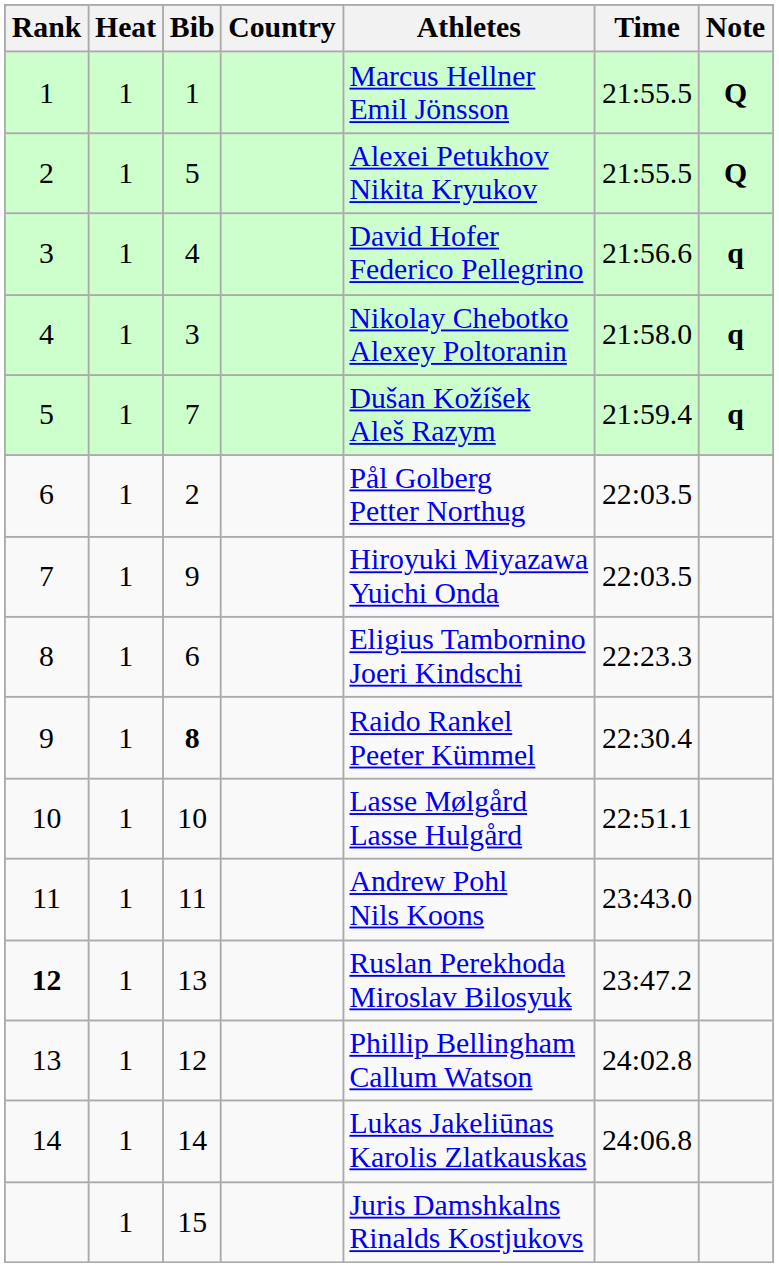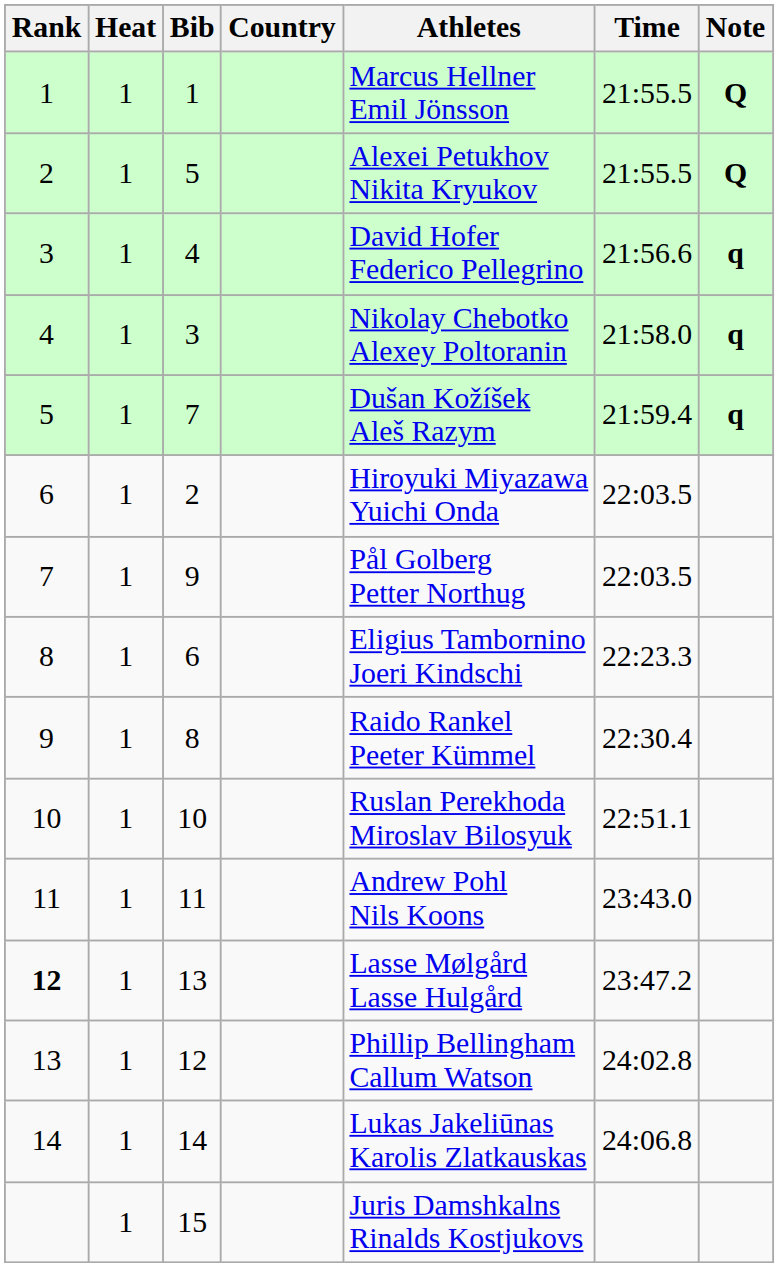 <table class="wikitable sortable" style="text-align:center">
 <tr>
 <th>Rank</th>
 <th>Heat</th>
 <th>Bib</th>
 <th>Country</th>
 <th>Athletes</th>
 <th>Time</th>
 <th>Note</th>
 </tr>
 <tr bgcolor=ccffcc>
 <td>1</td>
 <td>1</td>
 <td>1</td>
 <td align=left></td>
 <td align=left><a href='#'>Marcus Hellner</a><br><a href='#'>Emil Jönsson</a></td>
 <td>21:55.5</td>
 <td><strong>Q</strong></td>
 </tr>
 <tr bgcolor=ccffcc>
 <td>2</td>
 <td>1</td>
 <td>5</td>
 <td align=left></td>
 <td align=left><a href='#'>Alexei Petukhov</a><br><a href='#'>Nikita Kryukov</a></td>
 <td>21:55.5</td>
 <td><strong>Q</strong></td>
 </tr>
 <tr bgcolor=ccffcc>
 <td>3</td>
 <td>1</td>
 <td>4</td>
 <td align=left></td>
 <td align=left><a href='#'>David Hofer</a><br><a href='#'>Federico Pellegrino</a></td>
 <td>21:56.6</td>
 <td><strong>q</strong></td>
 </tr>
 <tr bgcolor=ccffcc>
 <td>4</td>
 <td>1</td>
 <td>3</td>
 <td align=left></td>
 <td align=left><a href='#'>Nikolay Chebotko</a><br><a href='#'>Alexey Poltoranin</a></td>
 <td>21:58.0</td>
 <td><strong>q</strong></td>
 </tr>
 <tr bgcolor=ccffcc>
 <td>5</td>
 <td>1</td>
 <td>7</td>
 <td align=left></td>
 <td align=left><a href='#'>Dušan Kožíšek</a><br><a href='#'>Aleš Razym</a></td>
 <td>21:59.4</td>
 <td><strong>q</strong></td>
 </tr>
 <tr>
 <td>6</td>
 <td>1</td>
 <td>2</td>
 <td align=left></td>
-<td align=left><a href='#'>Pål Golberg</a><br><a href='#'>Petter Northug</a></td>
+<td align=left><a href='#'>Hiroyuki Miyazawa</a><br><a href='#'>Yuichi Onda</a></td>
 <td>22:03.5</td>
 <td></td>
 </tr>
 <tr>
 <td>7</td>
 <td>1</td>
 <td>9</td>
 <td align=left></td>
-<td align=left><a href='#'>Hiroyuki Miyazawa</a><br><a href='#'>Yuichi Onda</a></td>
+<td align=left><a href='#'>Pål Golberg</a><br><a href='#'>Petter Northug</a></td>
 <td>22:03.5</td>
 <td></td>
 </tr>
 <tr>
 <td>8</td>
 <td>1</td>
 <td>6</td>
 <td align=left></td>
 <td align=left><a href='#'>Eligius Tambornino</a><br><a href='#'>Joeri Kindschi</a></td>
 <td>22:23.3</td>
 <td></td>
 </tr>
 <tr>
 <td>9</td>
 <td>1</td>
-<td><strong>8</strong></td>
+<td>8</td>
 <td align=left></td>
 <td align=left><a href='#'>Raido Rankel</a><br><a href='#'>Peeter Kümmel</a></td>
 <td>22:30.4</td>
 <td></td>
 </tr>
 <tr>
 <td>10</td>
 <td>1</td>
 <td>10</td>
 <td align=left></td>
-<td align=left><a href='#'>Lasse Mølgård</a><br><a href='#'>Lasse Hulgård</a></td>
+<td align=left><a href='#'>Ruslan Perekhoda</a><br><a href='#'>Miroslav Bilosyuk</a></td>
 <td>22:51.1</td>
 <td></td>
 </tr>
 <tr>
 <td>11</td>
 <td>1</td>
 <td>11</td>
 <td align=left></td>
 <td align=left><a href='#'>Andrew Pohl</a><br><a href='#'>Nils Koons</a></td>
 <td>23:43.0</td>
 <td></td>
 </tr>
 <tr>
 <td><strong>12</strong></td>
 <td>1</td>
 <td>13</td>
 <td align=left></td>
-<td align=left><a href='#'>Ruslan Perekhoda</a><br><a href='#'>Miroslav Bilosyuk</a></td>
+<td align=left><a href='#'>Lasse Mølgård</a><br><a href='#'>Lasse Hulgård</a></td>
 <td>23:47.2</td>
 <td></td>
 </tr>
 <tr>
 <td>13</td>
 <td>1</td>
 <td>12</td>
 <td align=left></td>
 <td align=left><a href='#'>Phillip Bellingham</a><br><a href='#'>Callum Watson</a></td>
 <td>24:02.8</td>
 <td></td>
 </tr>
 <tr>
 <td>14</td>
 <td>1</td>
 <td>14</td>
 <td align=left></td>
 <td align=left><a href='#'>Lukas Jakeliūnas</a><br><a href='#'>Karolis Zlatkauskas</a></td>
 <td>24:06.8</td>
 <td></td>
 </tr>
 <tr>
 <td></td>
 <td>1</td>
 <td>15</td>
 <td align=left></td>
 <td align=left><a href='#'>Juris Damshkalns</a><br><a href='#'>Rinalds Kostjukovs</a></td>
 <td></td>
 <td></td>
 </tr>
 </table>
